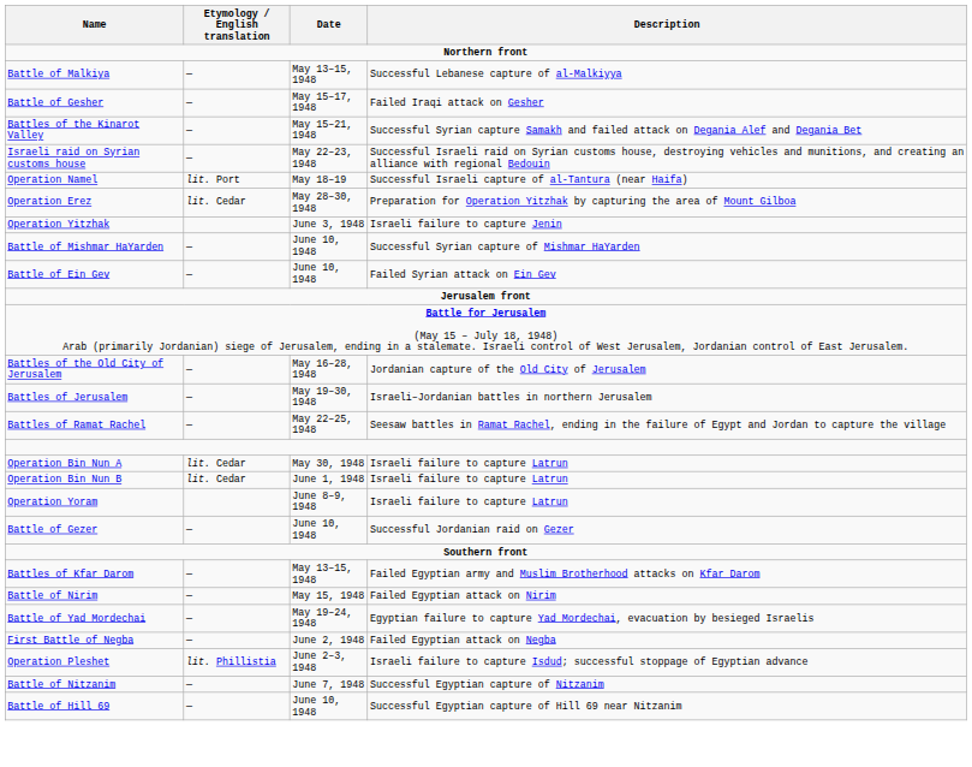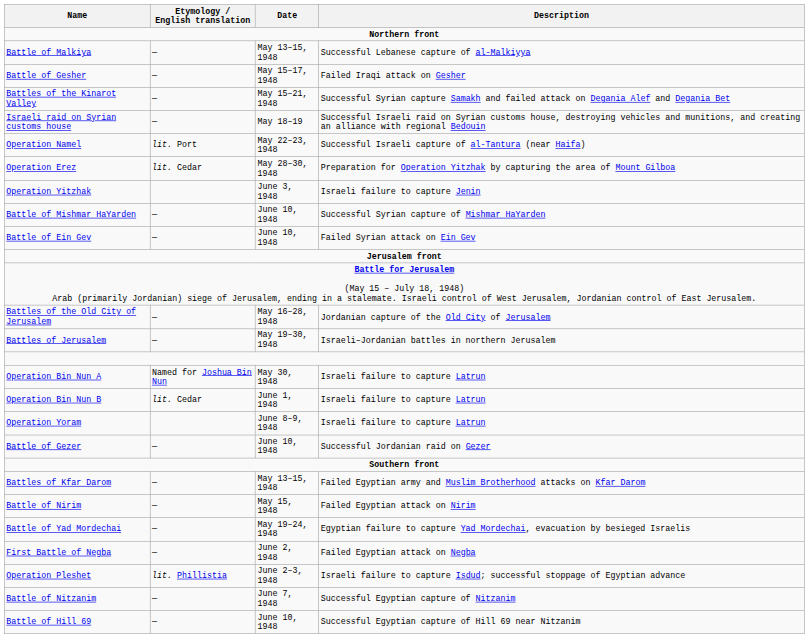 <table class="wikitable">
 <tr>
 <th>Name</th>
 <th>Etymology /<br>English translation</th>
 <th>Date</th>
 <th>Description</th>
 </tr>
 <tr>
 <td colspan="4" align="center"><strong>Northern front</strong></td>
 </tr>
 <tr>
 <td><a href='#'>Battle of Malkiya</a></td>
 <td>—</td>
 <td>May 13–15, 1948</td>
 <td>Successful Lebanese capture of <a href='#'>al-Malkiyya</a></td>
 </tr>
 <tr>
 <td><a href='#'>Battle of Gesher</a></td>
 <td>—</td>
 <td>May 15–17, 1948</td>
 <td>Failed Iraqi attack on <a href='#'>Gesher</a></td>
 </tr>
 <tr>
 <td><a href='#'>Battles of the Kinarot Valley</a></td>
 <td>—</td>
 <td>May 15–21, 1948</td>
 <td>Successful Syrian capture <a href='#'>Samakh</a> and failed attack on <a href='#'>Degania Alef</a> and <a href='#'>Degania Bet</a></td>
 </tr>
 <tr>
 <td><a href='#'>Israeli raid on Syrian customs house</a></td>
 <td>—</td>
-<td>May 22–23, 1948</td>
+<td>May 18–19</td>
 <td>Successful Israeli raid on Syrian customs house, destroying vehicles and munitions, and creating an alliance with regional <a href='#'>Bedouin</a></td>
 </tr>
 <tr>
 <td><a href='#'>Operation Namel</a></td>
 <td><em>lit.</em> Port</td>
-<td>May 18–19</td>
+<td>May 22–23, 1948</td>
 <td>Successful Israeli capture of <a href='#'>al-Tantura</a> (near <a href='#'>Haifa</a>)</td>
 </tr>
 <tr>
 <td><a href='#'>Operation Erez</a></td>
 <td><em>lit.</em> Cedar</td>
 <td>May 28–30, 1948</td>
 <td>Preparation for <a href='#'>Operation Yitzhak</a> by capturing the area of <a href='#'>Mount Gilboa</a></td>
 </tr>
 <tr>
 <td><a href='#'>Operation Yitzhak</a></td>
 <td></td>
 <td>June 3, 1948</td>
 <td>Israeli failure to capture <a href='#'>Jenin</a></td>
 </tr>
 <tr>
 <td><a href='#'>Battle of Mishmar HaYarden</a></td>
 <td>—</td>
 <td>June 10, 1948</td>
 <td>Successful Syrian capture of <a href='#'>Mishmar HaYarden</a></td>
 </tr>
 <tr>
 <td><a href='#'>Battle of Ein Gev</a></td>
 <td>—</td>
 <td>June 10, 1948</td>
 <td>Failed Syrian attack on <a href='#'>Ein Gev</a></td>
 </tr>
 <tr>
 <td colspan="4" align="center"><strong>Jerusalem front</strong></td>
 </tr>
 <tr>
 <td colspan="4" align="center"><strong><a href='#'>Battle for Jerusalem</a></strong><br><br>(May 15 – July 18, 1948)<br> Arab (primarily Jordanian) siege of Jerusalem, ending in a stalemate. Israeli control of West Jerusalem, Jordanian control of East Jerusalem.</td>
 </tr>
 <tr>
 <td><a href='#'>Battles of the Old City of Jerusalem</a></td>
 <td>—</td>
 <td>May 16–28, 1948</td>
 <td>Jordanian capture of the <a href='#'>Old City</a> of <a href='#'>Jerusalem</a></td>
 </tr>
 <tr>
 <td><a href='#'>Battles of Jerusalem</a></td>
 <td>—</td>
 <td>May 19–30, 1948</td>
 <td>Israeli–Jordanian battles in northern Jerusalem</td>
 </tr>
 <tr>
-<td><a href='#'>Battles of Ramat Rachel</a></td>
-<td>—</td>
-<td>May 22–25, 1948</td>
-<td>Seesaw battles in <a href='#'>Ramat Rachel</a>, ending in the failure of Egypt and Jordan to capture the village</td>
-</tr>
-<tr>
 <td colspan="4"> </td>
 </tr>
 <tr>
 <td><a href='#'>Operation Bin Nun A</a></td>
-<td><em>lit.</em> Cedar</td>
+<td>Named for <a href='#'>Joshua Bin Nun</a></td>
 <td>May 30, 1948</td>
 <td>Israeli failure to capture <a href='#'>Latrun</a></td>
 </tr>
 <tr>
 <td><a href='#'>Operation Bin Nun B</a></td>
 <td><em>lit.</em> Cedar</td>
 <td>June 1, 1948</td>
 <td>Israeli failure to capture <a href='#'>Latrun</a></td>
 </tr>
 <tr>
 <td><a href='#'>Operation Yoram</a></td>
 <td></td>
 <td>June 8–9, 1948</td>
 <td>Israeli failure to capture <a href='#'>Latrun</a></td>
 </tr>
 <tr>
 <td><a href='#'>Battle of Gezer</a></td>
 <td>—</td>
 <td>June 10, 1948</td>
 <td>Successful Jordanian raid on <a href='#'>Gezer</a></td>
 </tr>
 <tr>
 <td colspan="4" align="center"><strong>Southern front</strong></td>
 </tr>
 <tr>
 <td><a href='#'>Battles of Kfar Darom</a></td>
 <td>—</td>
 <td>May 13–15, 1948</td>
 <td>Failed Egyptian army and <a href='#'>Muslim Brotherhood</a> attacks on <a href='#'>Kfar Darom</a></td>
 </tr>
 <tr>
 <td><a href='#'>Battle of Nirim</a></td>
 <td>—</td>
 <td>May 15, 1948</td>
 <td>Failed Egyptian attack on <a href='#'>Nirim</a></td>
 </tr>
 <tr>
 <td><a href='#'>Battle of Yad Mordechai</a></td>
 <td>—</td>
 <td>May 19–24, 1948</td>
 <td>Egyptian failure to capture <a href='#'>Yad Mordechai</a>, evacuation by besieged Israelis</td>
 </tr>
 <tr>
 <td><a href='#'>First Battle of Negba</a></td>
 <td>—</td>
 <td>June 2, 1948</td>
 <td>Failed Egyptian attack on <a href='#'>Negba</a></td>
 </tr>
 <tr>
 <td><a href='#'>Operation Pleshet</a></td>
 <td><em>lit.</em> <a href='#'>Phillistia</a></td>
 <td>June 2–3, 1948</td>
 <td>Israeli failure to capture <a href='#'>Isdud</a>; successful stoppage of Egyptian advance</td>
 </tr>
 <tr>
 <td><a href='#'>Battle of Nitzanim</a></td>
 <td>—</td>
 <td>June 7, 1948</td>
 <td>Successful Egyptian capture of <a href='#'>Nitzanim</a></td>
 </tr>
 <tr>
 <td><a href='#'>Battle of Hill 69</a></td>
 <td>—</td>
 <td>June 10, 1948</td>
 <td>Successful Egyptian capture of Hill 69 near Nitzanim</td>
 </tr>
 </table>
